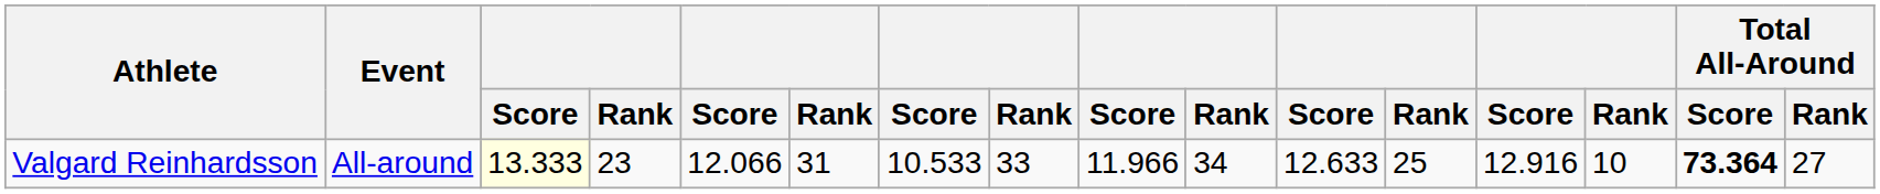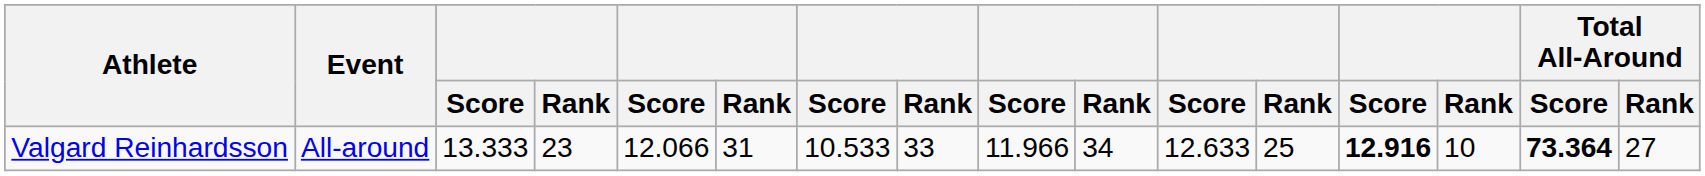 <table class="wikitable">
 <tr>
 <th rowspan="2">Athlete</th>
 <th rowspan="2">Event</th>
 <th colspan="2"></th>
 <th colspan="2"></th>
 <th colspan="2"></th>
 <th colspan="2"></th>
 <th colspan="2"></th>
 <th colspan="2"></th>
 <th colspan="2">Total<br>All-Around</th>
 </tr>
 <tr>
 <th>Score</th>
 <th>Rank</th>
 <th>Score</th>
 <th>Rank</th>
 <th>Score</th>
 <th>Rank</th>
 <th>Score</th>
 <th>Rank</th>
 <th>Score</th>
 <th>Rank</th>
 <th>Score</th>
 <th>Rank</th>
 <th>Score</th>
 <th>Rank</th>
 </tr>
 <tr>
 <td><a href='#'>Valgard Reinhardsson</a></td>
 <td rowspan="5"><a href='#'>All-around</a></td>
-<td style="background: lightyellow;">13.333</td>
+<td>13.333</td>
 <td>23</td>
 <td>12.066</td>
 <td>31</td>
 <td>10.533</td>
 <td>33</td>
 <td>11.966</td>
 <td>34</td>
 <td>12.633</td>
 <td>25</td>
-<td>12.916</td>
+<td><strong>12.916</strong></td>
 <td>10</td>
 <td><strong>73.364</strong></td>
 <td>27</td>
 </tr>
 </table>
